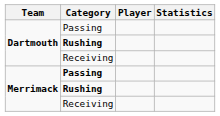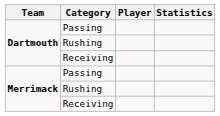 <table class="wikitable" style="float: right;">
 <tr>
 <th>Team</th>
 <th>Category</th>
 <th>Player</th>
 <th>Statistics</th>
 </tr>
 <tr>
 <td rowspan=3><strong>Dartmouth</strong></td>
 <td>Passing</td>
 <td></td>
 <td></td>
 </tr>
 <tr>
-<td><strong>Rushing</strong></td>
+<td>Rushing</td>
 <td></td>
 <td></td>
 </tr>
 <tr>
 <td>Receiving</td>
 <td></td>
 <td></td>
 </tr>
 <tr>
 <td rowspan=3><strong>Merrimack</strong></td>
-<td><strong>Passing</strong></td>
+<td>Passing</td>
 <td></td>
 <td></td>
 </tr>
 <tr>
-<td><strong>Rushing</strong></td>
+<td>Rushing</td>
 <td></td>
 <td></td>
 </tr>
 <tr>
 <td>Receiving</td>
 <td></td>
 <td></td>
 </tr>
 </table>
